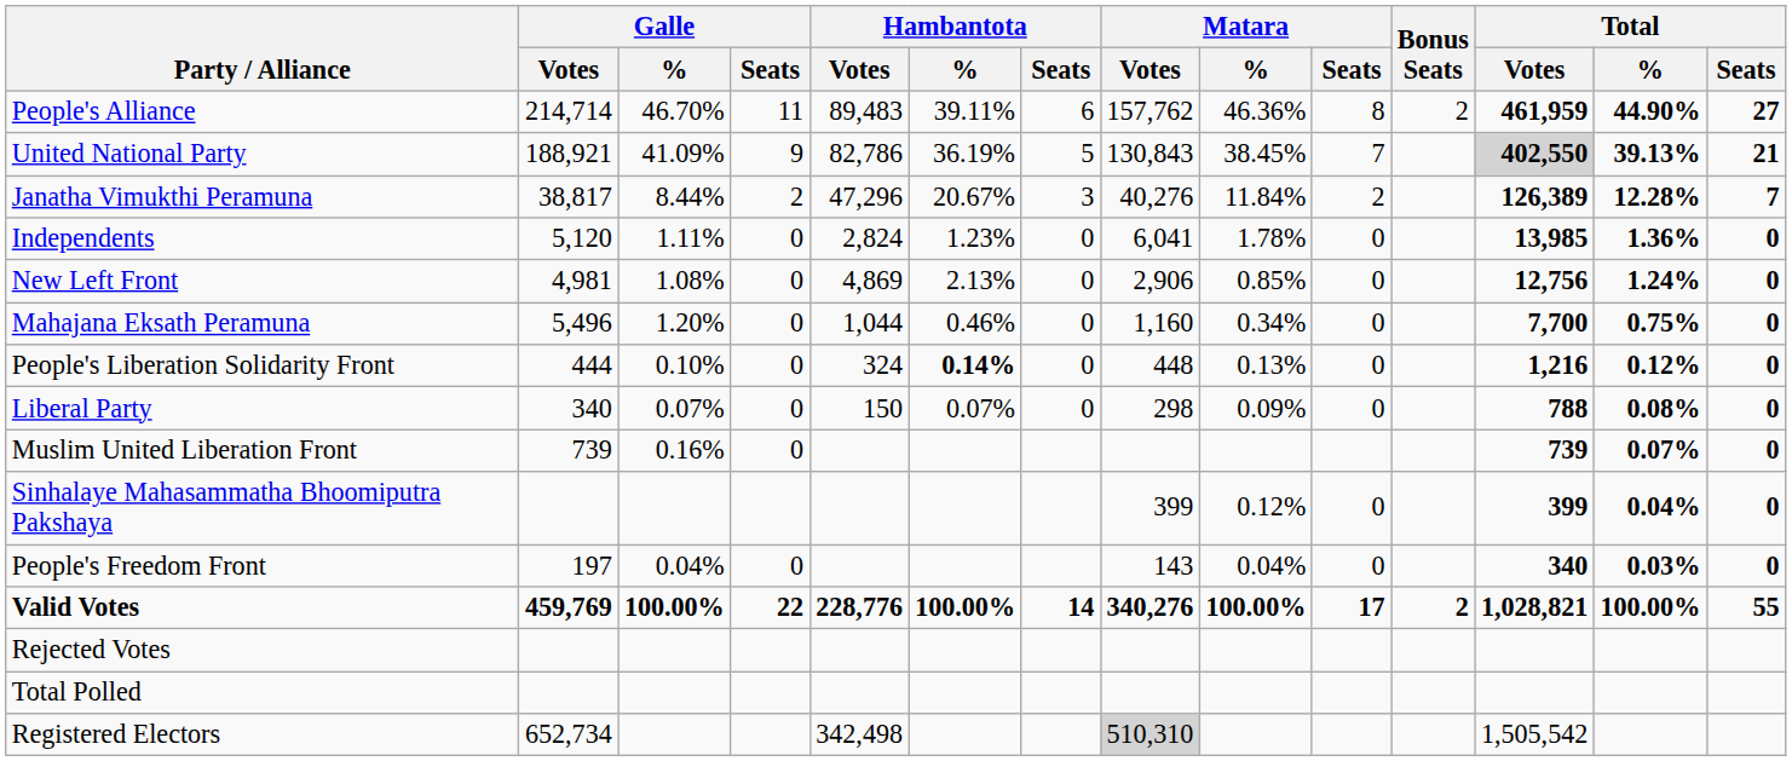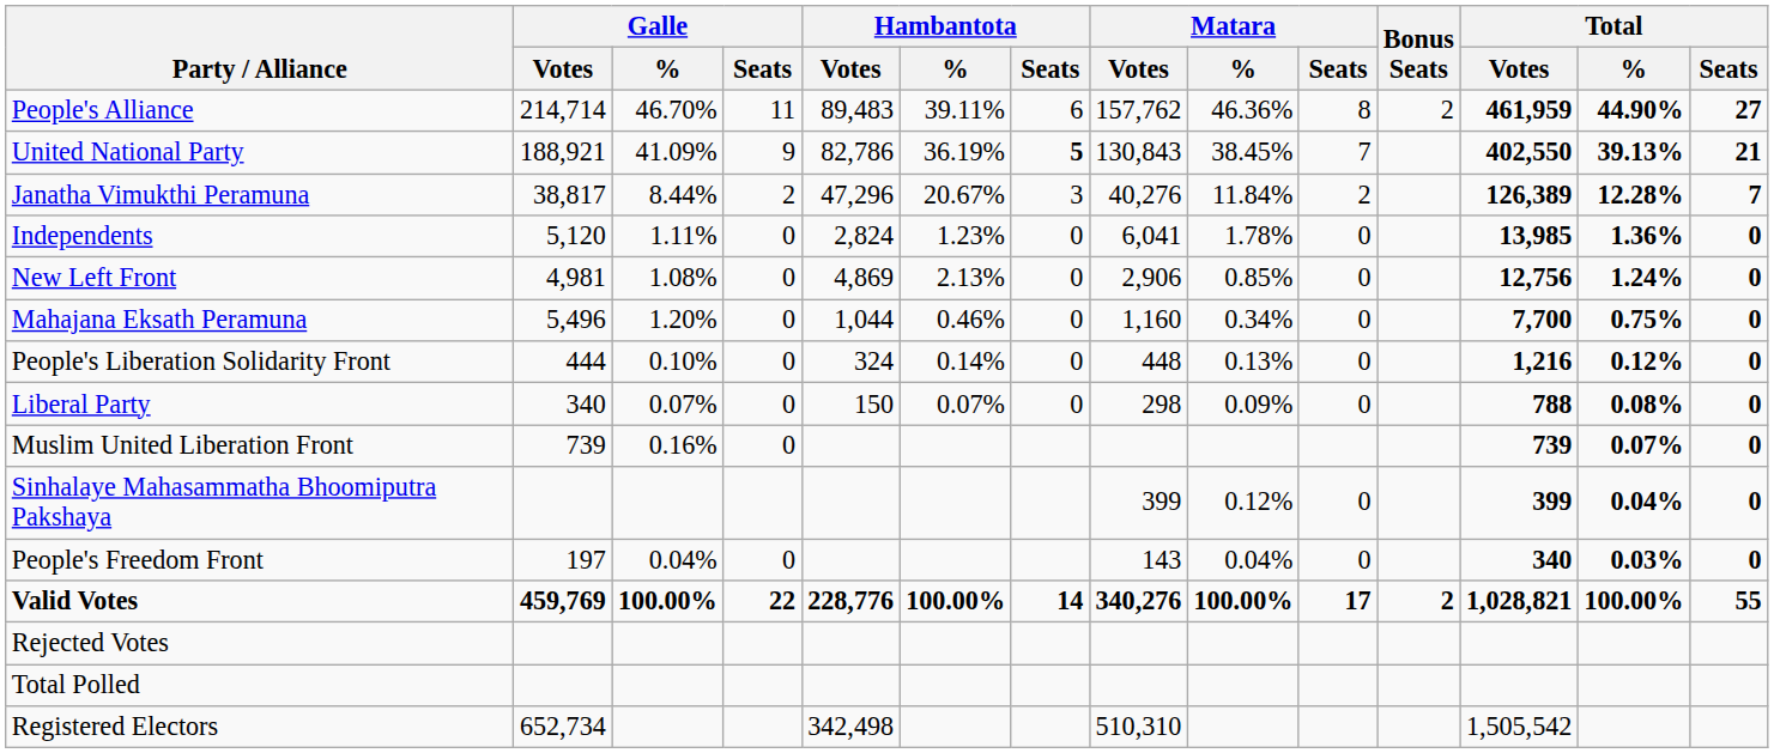 <table class="wikitable" border="1" style="text-align:right;">
 <tr>
 <th valign=bottom rowspan=2 width="300">Party / Alliance</th>
 <th colspan=3><a href='#'>Galle</a></th>
 <th colspan=3><a href='#'>Hambantota</a></th>
 <th colspan=3><a href='#'>Matara</a></th>
 <th valign=bottom rowspan=2 width="40">Bonus<br>Seats</th>
 <th colspan=3>Total</th>
 </tr>
 <tr>
 <th align=center valign=bottom width="50">Votes</th>
 <th align=center valign=bottom width="50">%</th>
 <th align=center valign=bottom width="40">Seats</th>
 <th align=center valign=bottom width="50">Votes</th>
 <th align=center valign=bottom width="50">%</th>
 <th align=center valign=bottom width="40">Seats</th>
 <th align=center valign=bottom width="50">Votes</th>
 <th align=center valign=bottom width="50">%</th>
 <th align=center valign=bottom width="40">Seats</th>
 <th align=center valign=bottom width="50">Votes</th>
 <th align=center valign=bottom width="50">%</th>
 <th align=center valign=bottom width="40">Seats</th>
 </tr>
 <tr>
 <td align=left><a href='#'>People's Alliance</a></td>
 <td>214,714</td>
 <td>46.70%</td>
 <td>11</td>
 <td>89,483</td>
 <td>39.11%</td>
 <td>6</td>
 <td>157,762</td>
 <td>46.36%</td>
 <td>8</td>
 <td>2</td>
 <td><strong>461,959</strong></td>
 <td><strong>44.90%</strong></td>
 <td><strong>27</strong></td>
 </tr>
 <tr>
 <td align=left><a href='#'>United National Party</a></td>
 <td>188,921</td>
 <td>41.09%</td>
 <td>9</td>
 <td>82,786</td>
 <td>36.19%</td>
-<td>5</td>
+<td><strong>5</strong></td>
 <td>130,843</td>
 <td>38.45%</td>
 <td>7</td>
 <td></td>
-<td style="background: lightgrey;"><strong>402,550</strong></td>
+<td><strong>402,550</strong></td>
 <td><strong>39.13%</strong></td>
 <td><strong>21</strong></td>
 </tr>
 <tr>
 <td align=left><a href='#'>Janatha Vimukthi Peramuna</a></td>
 <td>38,817</td>
 <td>8.44%</td>
 <td>2</td>
 <td>47,296</td>
 <td>20.67%</td>
 <td>3</td>
 <td>40,276</td>
 <td>11.84%</td>
 <td>2</td>
 <td></td>
 <td><strong>126,389</strong></td>
 <td><strong>12.28%</strong></td>
 <td><strong>7</strong></td>
 </tr>
 <tr>
 <td align=left><a href='#'>Independents</a></td>
 <td>5,120</td>
 <td>1.11%</td>
 <td>0</td>
 <td>2,824</td>
 <td>1.23%</td>
 <td>0</td>
 <td>6,041</td>
 <td>1.78%</td>
 <td>0</td>
 <td></td>
 <td><strong>13,985</strong></td>
 <td><strong>1.36%</strong></td>
 <td><strong>0</strong></td>
 </tr>
 <tr>
 <td align=left><a href='#'>New Left Front</a></td>
 <td>4,981</td>
 <td>1.08%</td>
 <td>0</td>
 <td>4,869</td>
 <td>2.13%</td>
 <td>0</td>
 <td>2,906</td>
 <td>0.85%</td>
 <td>0</td>
 <td></td>
 <td><strong>12,756</strong></td>
 <td><strong>1.24%</strong></td>
 <td><strong>0</strong></td>
 </tr>
 <tr>
 <td align=left><a href='#'>Mahajana Eksath Peramuna</a></td>
 <td>5,496</td>
 <td>1.20%</td>
 <td>0</td>
 <td>1,044</td>
 <td>0.46%</td>
 <td>0</td>
 <td>1,160</td>
 <td>0.34%</td>
 <td>0</td>
 <td></td>
 <td><strong>7,700</strong></td>
 <td><strong>0.75%</strong></td>
 <td><strong>0</strong></td>
 </tr>
 <tr>
 <td align=left>People's Liberation Solidarity Front</td>
 <td>444</td>
 <td>0.10%</td>
 <td>0</td>
 <td>324</td>
-<td><strong>0.14%</strong></td>
+<td>0.14%</td>
 <td>0</td>
 <td>448</td>
 <td>0.13%</td>
 <td>0</td>
 <td></td>
 <td><strong>1,216</strong></td>
 <td><strong>0.12%</strong></td>
 <td><strong>0</strong></td>
 </tr>
 <tr>
 <td align=left><a href='#'>Liberal Party</a></td>
 <td>340</td>
 <td>0.07%</td>
 <td>0</td>
 <td>150</td>
 <td>0.07%</td>
 <td>0</td>
 <td>298</td>
 <td>0.09%</td>
 <td>0</td>
 <td></td>
 <td><strong>788</strong></td>
 <td><strong>0.08%</strong></td>
 <td><strong>0</strong></td>
 </tr>
 <tr>
 <td align=left>Muslim United Liberation Front</td>
 <td>739</td>
 <td>0.16%</td>
 <td>0</td>
 <td></td>
 <td></td>
 <td></td>
 <td></td>
 <td></td>
 <td></td>
 <td></td>
 <td><strong>739</strong></td>
 <td><strong>0.07%</strong></td>
 <td><strong>0</strong></td>
 </tr>
 <tr>
 <td align=left><a href='#'>Sinhalaye Mahasammatha Bhoomiputra Pakshaya</a></td>
 <td></td>
 <td></td>
 <td></td>
 <td></td>
 <td></td>
 <td></td>
 <td>399</td>
 <td>0.12%</td>
 <td>0</td>
 <td></td>
 <td><strong>399</strong></td>
 <td><strong>0.04%</strong></td>
 <td><strong>0</strong></td>
 </tr>
 <tr>
 <td align=left>People's Freedom Front</td>
 <td>197</td>
 <td>0.04%</td>
 <td>0</td>
 <td></td>
 <td></td>
 <td></td>
 <td>143</td>
 <td>0.04%</td>
 <td>0</td>
 <td></td>
 <td><strong>340</strong></td>
 <td><strong>0.03%</strong></td>
 <td><strong>0</strong></td>
 </tr>
 <tr>
 <td align=left><strong>Valid Votes</strong></td>
 <td><strong>459,769</strong></td>
 <td><strong>100.00%</strong></td>
 <td><strong>22</strong></td>
 <td><strong>228,776</strong></td>
 <td><strong>100.00%</strong></td>
 <td><strong>14</strong></td>
 <td><strong>340,276</strong></td>
 <td><strong>100.00%</strong></td>
 <td><strong>17</strong></td>
 <td><strong>2</strong></td>
 <td><strong>1,028,821</strong></td>
 <td><strong>100.00%</strong></td>
 <td><strong>55</strong></td>
 </tr>
 <tr>
 <td align=left>Rejected Votes</td>
 <td></td>
 <td></td>
 <td></td>
 <td></td>
 <td></td>
 <td></td>
 <td></td>
 <td></td>
 <td></td>
 <td></td>
 <td></td>
 <td></td>
 <td></td>
 </tr>
 <tr>
 <td align=left>Total Polled</td>
 <td></td>
 <td></td>
 <td></td>
 <td></td>
 <td></td>
 <td></td>
 <td></td>
 <td></td>
 <td></td>
 <td></td>
 <td></td>
 <td></td>
 <td></td>
 </tr>
 <tr>
 <td align=left>Registered Electors</td>
 <td>652,734</td>
 <td></td>
 <td></td>
 <td>342,498</td>
 <td></td>
 <td></td>
-<td style="background: lightgrey;">510,310</td>
+<td>510,310</td>
 <td></td>
 <td></td>
 <td></td>
 <td>1,505,542</td>
 <td></td>
 <td></td>
 </tr>
 </table>
